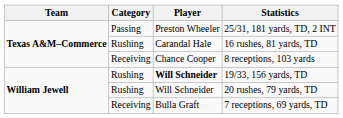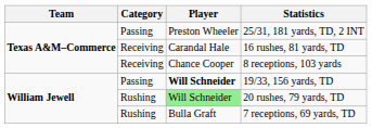 <table class="wikitable" style="float: right;">
 <tr>
 <th>Team</th>
 <th>Category</th>
 <th>Player</th>
 <th>Statistics</th>
 </tr>
 <tr>
 <td rowspan=3><strong>Texas A&M–Commerce</strong></td>
 <td>Passing</td>
 <td>Preston Wheeler</td>
 <td>25/31, 181 yards, TD, 2 INT</td>
 </tr>
 <tr>
-<td>Rushing</td>
+<td>Receiving</td>
 <td>Carandal Hale</td>
 <td>16 rushes, 81 yards, TD</td>
 </tr>
 <tr>
 <td>Receiving</td>
 <td>Chance Cooper</td>
 <td>8 receptions, 103 yards</td>
 </tr>
 <tr>
 <td rowspan=3><strong>William Jewell</strong></td>
-<td>Rushing</td>
+<td>Passing</td>
 <td><strong>Will Schneider</strong></td>
 <td>19/33, 156 yards, TD</td>
 </tr>
 <tr>
 <td>Rushing</td>
-<td>Will Schneider</td>
+<td style="background: lightgreen;">Will Schneider</td>
 <td>20 rushes, 79 yards, TD</td>
 </tr>
 <tr>
-<td>Receiving</td>
+<td>Rushing</td>
 <td>Bulla Graft</td>
 <td>7 receptions, 69 yards, TD</td>
 </tr>
 </table>
